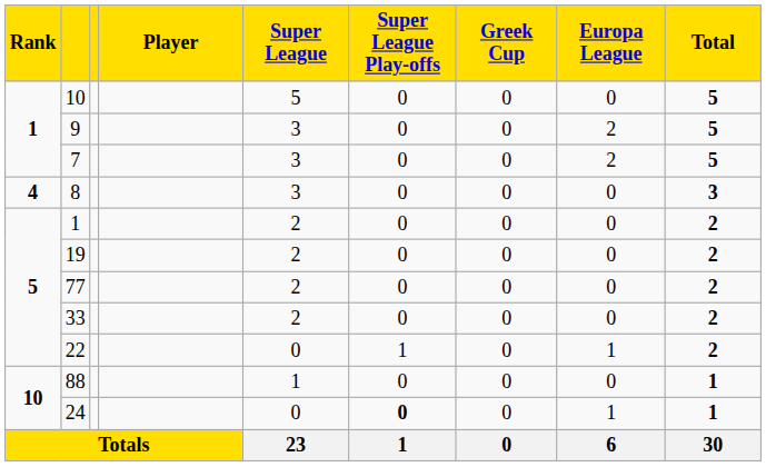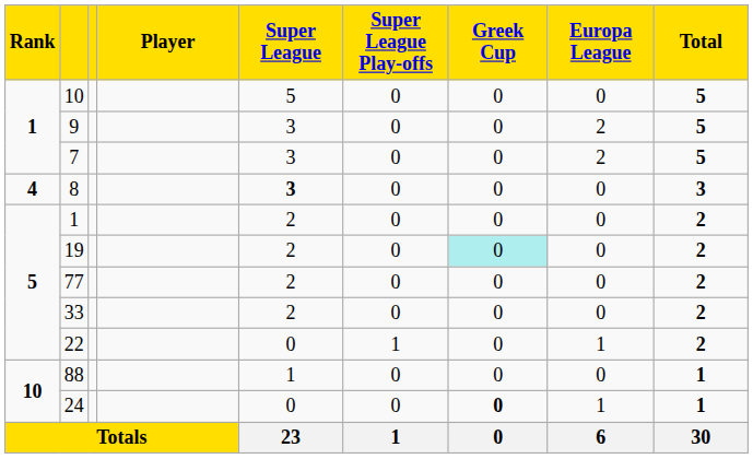 <table class="wikitable sortable" style="text-align: center">
 <tr>
 <th style="background:#FFDE00">Rank</th>
 <th style="background:#FFDE00"></th>
 <th style="background:#FFDE00"></th>
 <th width=200 style="background:#FFDE00">Player</th>
 <th width=120 style="background:#FFDE00"><a href='#'>Super League</a></th>
 <th width=120 style="background:#FFDE00"><a href='#'>Super League Play-offs</a></th>
 <th width=120 style="background:#FFDE00"><a href='#'>Greek Cup</a></th>
 <th width=120 style="background:#FFDE00"><a href='#'>Europa League</a></th>
 <th width=120 style="background:#FFDE00">Total</th>
 </tr>
 <tr>
 <td rowspan=3><strong>1</strong></td>
 <td>10</td>
 <td></td>
 <td align=left></td>
 <td>5</td>
 <td>0</td>
 <td>0</td>
 <td>0</td>
 <td><strong>5</strong></td>
 </tr>
 <tr>
 <td>9</td>
 <td></td>
 <td align=left></td>
 <td>3</td>
 <td>0</td>
 <td>0</td>
 <td>2</td>
 <td><strong>5</strong></td>
 </tr>
 <tr>
 <td>7</td>
 <td></td>
 <td align=left></td>
 <td>3</td>
 <td>0</td>
 <td>0</td>
 <td>2</td>
 <td><strong>5</strong></td>
 </tr>
 <tr>
 <td><strong>4</strong></td>
 <td>8</td>
 <td></td>
 <td align=left></td>
-<td>3</td>
+<td><strong>3</strong></td>
 <td>0</td>
 <td>0</td>
 <td>0</td>
 <td><strong>3</strong></td>
 </tr>
 <tr>
 <td rowspan=5><strong>5</strong></td>
 <td>1</td>
 <td></td>
 <td align=left></td>
 <td>2</td>
 <td>0</td>
 <td>0</td>
 <td>0</td>
 <td><strong>2</strong></td>
 </tr>
 <tr>
 <td>19</td>
 <td></td>
 <td align=left></td>
 <td>2</td>
 <td>0</td>
-<td>0</td>
+<td style="background: paleturquoise;">0</td>
 <td>0</td>
 <td><strong>2</strong></td>
 </tr>
 <tr>
 <td>77</td>
 <td></td>
 <td align=left></td>
 <td>2</td>
 <td>0</td>
 <td>0</td>
 <td>0</td>
 <td><strong>2</strong></td>
 </tr>
 <tr>
 <td>33</td>
 <td></td>
 <td align=left></td>
 <td>2</td>
 <td>0</td>
 <td>0</td>
 <td>0</td>
 <td><strong>2</strong></td>
 </tr>
 <tr>
 <td>22</td>
 <td></td>
 <td align=left></td>
 <td>0</td>
 <td>1</td>
 <td>0</td>
 <td>1</td>
 <td><strong>2</strong></td>
 </tr>
 <tr>
 <td rowspan=2><strong>10</strong></td>
 <td>88</td>
 <td></td>
 <td align=left></td>
 <td>1</td>
 <td>0</td>
 <td>0</td>
 <td>0</td>
 <td><strong>1</strong></td>
 </tr>
 <tr>
 <td>24</td>
 <td></td>
 <td align=left></td>
 <td>0</td>
+<td>0</td>
 <td><strong>0</strong></td>
-<td>0</td>
 <td>1</td>
 <td><strong>1</strong></td>
 </tr>
 <tr class="sortbottom">
 <th colspan=4 style="background:#FFDE00"><strong>Totals</strong></th>
 <th><strong>23</strong></th>
 <th><strong> 1</strong></th>
 <th><strong> 0</strong></th>
 <th><strong> 6</strong></th>
 <th><strong>30</strong></th>
 </tr>
 </table>
